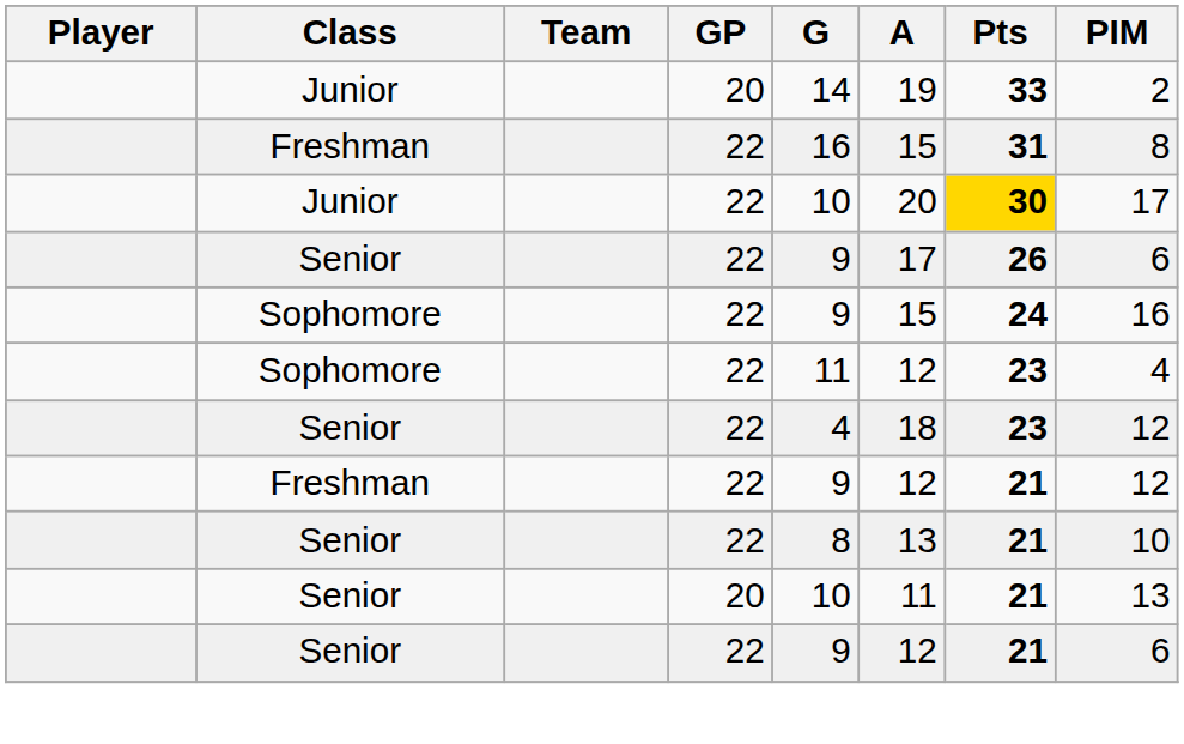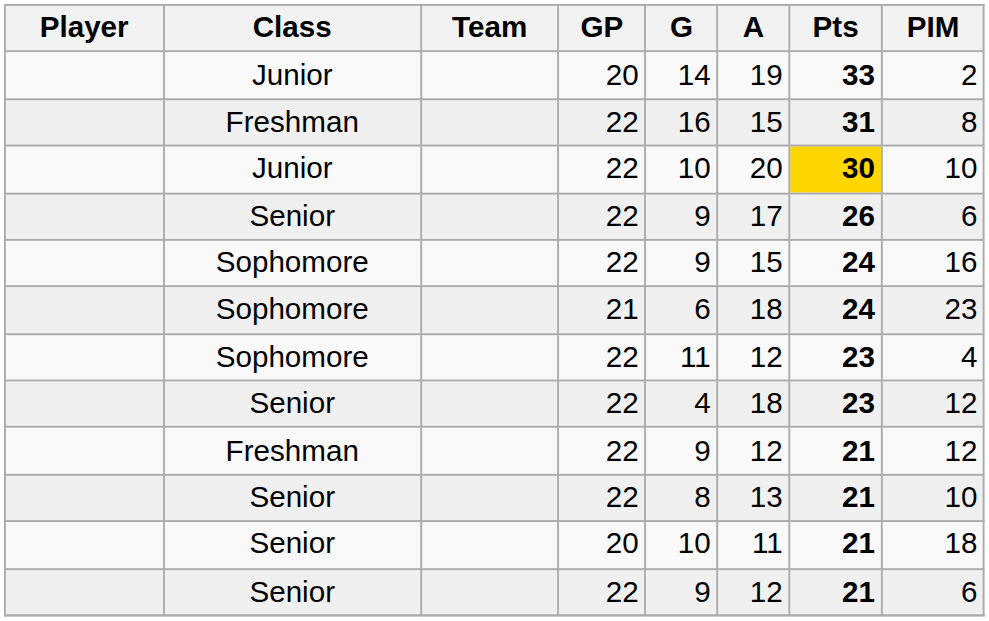 <table class="wikitable sortable" style="text-align: center; "width=60%">
 <tr>
 <th>Player</th>
 <th>Class</th>
 <th>Team</th>
 <th>GP</th>
 <th>G</th>
 <th>A</th>
 <th>Pts</th>
 <th>PIM</th>
 </tr>
 <tr>
 <td align=left></td>
 <td>Junior</td>
 <td><strong><a href='#'></a></strong></td>
 <td align=right>20</td>
 <td align=right>14</td>
 <td align=right>19</td>
 <td align=right><strong>33</strong></td>
 <td align=right>2</td>
 </tr>
 <tr bgcolor=f0f0f0>
 <td align=left></td>
 <td>Freshman</td>
 <td><strong><a href='#'></a></strong></td>
 <td align=right>22</td>
 <td align=right>16</td>
 <td align=right>15</td>
 <td align=right><strong>31</strong></td>
 <td align=right>8</td>
 </tr>
 <tr>
 <td align=left></td>
 <td>Junior</td>
 <td><strong><a href='#'></a></strong></td>
 <td align=right>22</td>
 <td align=right>10</td>
 <td align=right>20</td>
 <td align=right style="background: gold;"><strong>30</strong></td>
-<td align=right>17</td>
+<td align=right>10</td>
 </tr>
 <tr bgcolor=f0f0f0>
 <td align=left></td>
 <td>Senior</td>
 <td><strong><a href='#'></a></strong></td>
 <td align=right>22</td>
 <td align=right>9</td>
 <td align=right>17</td>
 <td align=right><strong>26</strong></td>
 <td align=right>6</td>
 </tr>
 <tr>
 <td align=left></td>
 <td>Sophomore</td>
 <td><strong><a href='#'></a></strong></td>
 <td align=right>22</td>
 <td align=right>9</td>
 <td align=right>15</td>
 <td align=right><strong>24</strong></td>
 <td align=right>16</td>
+</tr>
+<tr bgcolor=f0f0f0>
+<td align=left></td>
+<td>Sophomore</td>
+<td><strong><a href='#'></a></strong></td>
+<td align=right>21</td>
+<td align=right>6</td>
+<td align=right>18</td>
+<td align=right><strong>24</strong></td>
+<td align=right>23</td>
 </tr>
 <tr>
 <td align=left></td>
 <td>Sophomore</td>
 <td><strong><a href='#'></a></strong></td>
 <td align=right>22</td>
 <td align=right>11</td>
 <td align=right>12</td>
 <td align=right><strong>23</strong></td>
 <td align=right>4</td>
 </tr>
 <tr bgcolor=f0f0f0>
 <td align=left></td>
 <td>Senior</td>
 <td><strong><a href='#'></a></strong></td>
 <td align=right>22</td>
 <td align=right>4</td>
 <td align=right>18</td>
 <td align=right><strong>23</strong></td>
 <td align=right>12</td>
 </tr>
 <tr>
 <td align=left></td>
 <td>Freshman</td>
 <td><strong><a href='#'></a></strong></td>
 <td align=right>22</td>
 <td align=right>9</td>
 <td align=right>12</td>
 <td align=right><strong>21</strong></td>
 <td align=right>12</td>
 </tr>
 <tr bgcolor=f0f0f0>
 <td align=left></td>
 <td>Senior</td>
 <td><strong><a href='#'></a></strong></td>
 <td align=right>22</td>
 <td align=right>8</td>
 <td align=right>13</td>
 <td align=right><strong>21</strong></td>
 <td align=right>10</td>
 </tr>
 <tr>
 <td align=left></td>
 <td>Senior</td>
 <td><strong><a href='#'></a></strong></td>
 <td align=right>20</td>
 <td align=right>10</td>
 <td align=right>11</td>
 <td align=right><strong>21</strong></td>
-<td align=right>13</td>
+<td align=right>18</td>
 </tr>
 <tr bgcolor=f0f0f0>
 <td align=left></td>
 <td>Senior</td>
 <td><strong><a href='#'></a></strong></td>
 <td align=right>22</td>
 <td align=right>9</td>
 <td align=right>12</td>
 <td align=right><strong>21</strong></td>
 <td align=right>6</td>
 </tr>
 <tr>
 </tr>
 </table>
